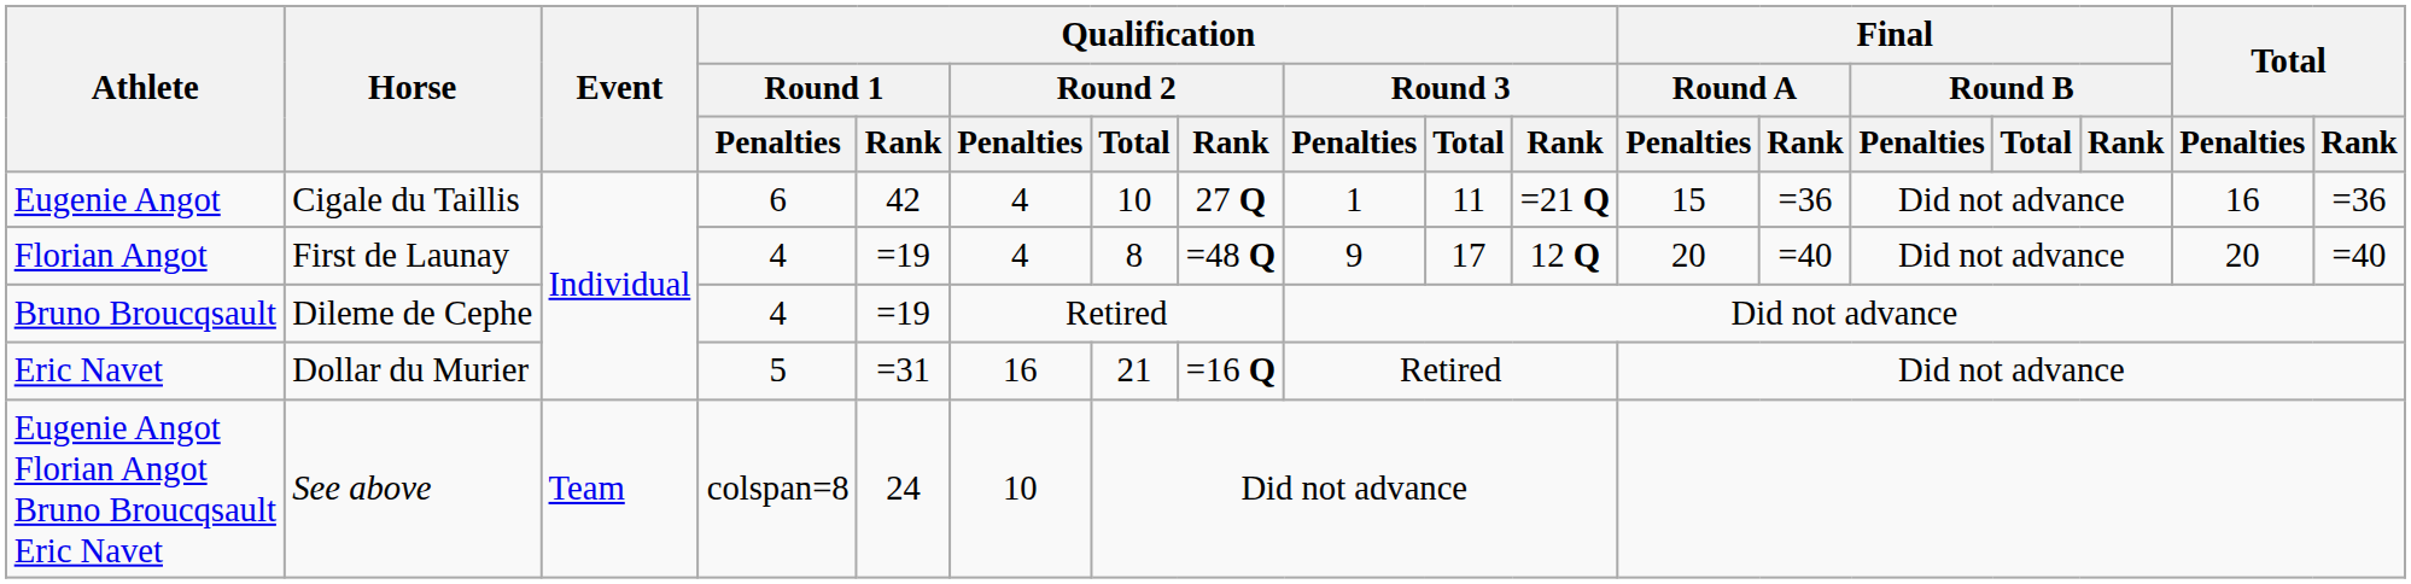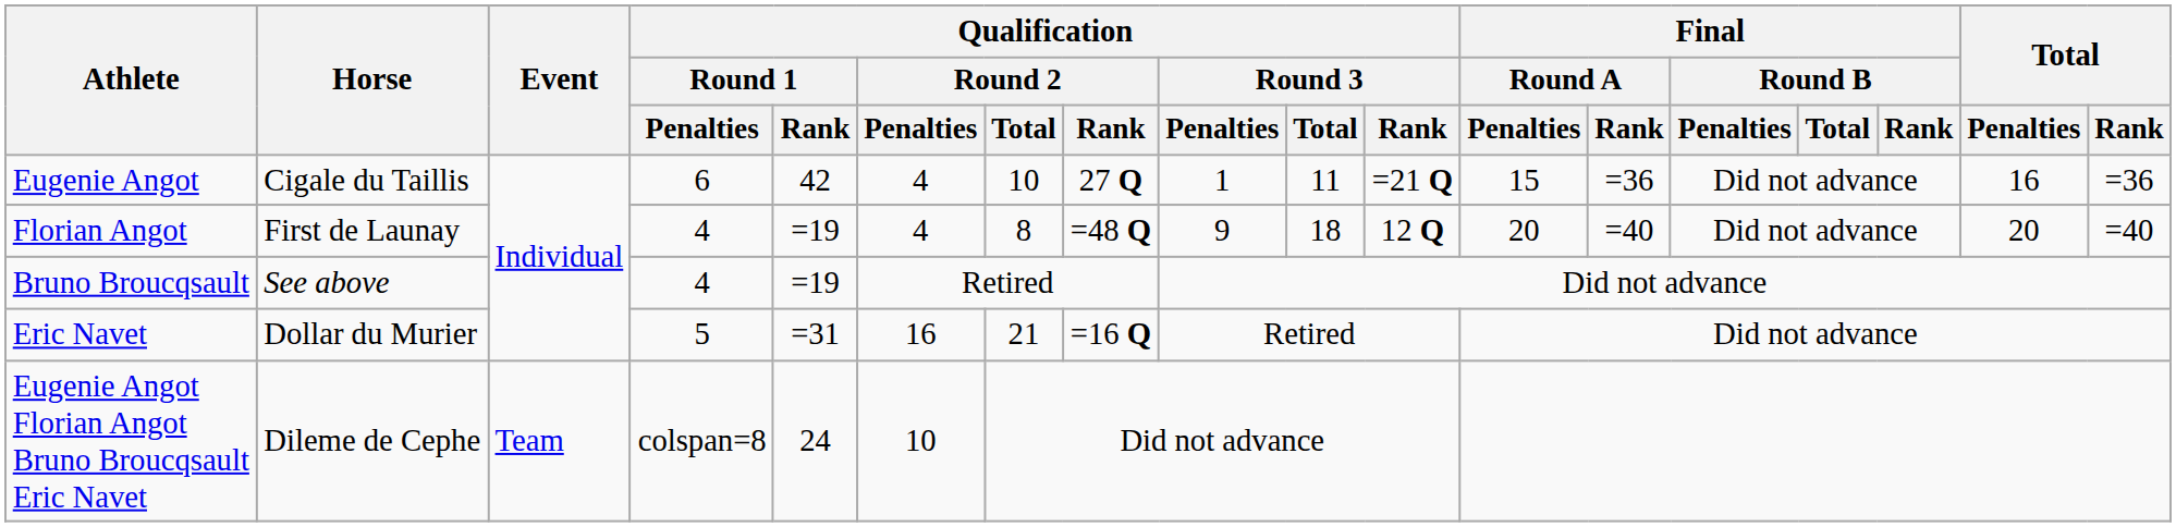 <table class="wikitable" style="font-size:90%">
 <tr>
 <th rowspan="3">Athlete</th>
 <th rowspan="3">Horse</th>
 <th rowspan="3">Event</th>
 <th colspan="8">Qualification</th>
 <th colspan="5">Final</th>
 <th rowspan=2 colspan="2">Total</th>
 </tr>
 <tr style="font-size:95%">
 <th colspan="2">Round 1</th>
 <th colspan="3">Round 2</th>
 <th colspan="3">Round 3</th>
 <th colspan="2">Round A</th>
 <th colspan="3">Round B</th>
 </tr>
 <tr style="font-size:95%">
 <th>Penalties</th>
 <th>Rank</th>
 <th>Penalties</th>
 <th>Total</th>
 <th>Rank</th>
 <th>Penalties</th>
 <th>Total</th>
 <th>Rank</th>
 <th>Penalties</th>
 <th>Rank</th>
 <th>Penalties</th>
 <th>Total</th>
 <th>Rank</th>
 <th>Penalties</th>
 <th>Rank</th>
 </tr>
 <tr align=center>
 <td align=left><a href='#'>Eugenie Angot</a></td>
 <td align=left>Cigale du Taillis</td>
 <td align=left rowspan=4><a href='#'>Individual</a></td>
 <td>6</td>
 <td>42</td>
 <td>4</td>
 <td>10</td>
 <td>27 <strong>Q</strong></td>
 <td>1</td>
 <td>11</td>
 <td>=21 <strong>Q</strong></td>
 <td>15</td>
 <td>=36</td>
 <td colspan=3>Did not advance</td>
 <td>16</td>
 <td>=36</td>
 </tr>
 <tr align=center>
 <td align=left><a href='#'>Florian Angot</a></td>
 <td align=left>First de Launay</td>
 <td>4</td>
 <td>=19</td>
 <td>4</td>
 <td>8</td>
 <td>=48 <strong>Q</strong></td>
 <td>9</td>
-<td>17</td>
+<td>18</td>
 <td>12 <strong>Q</strong></td>
 <td>20</td>
 <td>=40</td>
 <td colspan=3>Did not advance</td>
 <td>20</td>
 <td>=40</td>
 </tr>
 <tr align=center>
 <td align=left><a href='#'>Bruno Broucqsault</a></td>
-<td align=left>Dileme de Cephe</td>
+<td align=left><em>See above</em></td>
 <td>4</td>
 <td>=19</td>
 <td colspan=3>Retired</td>
 <td colspan=10>Did not advance</td>
 </tr>
 <tr align=center>
 <td align=left><a href='#'>Eric Navet</a></td>
 <td align=left>Dollar du Murier</td>
 <td>5</td>
 <td>=31</td>
 <td>16</td>
 <td>21</td>
 <td>=16 <strong>Q</strong></td>
 <td colspan=3>Retired</td>
 <td colspan=7>Did not advance</td>
 </tr>
 <tr align=center>
 <td align=left><a href='#'>Eugenie Angot</a><br><a href='#'>Florian Angot</a><br><a href='#'>Bruno Broucqsault</a><br><a href='#'>Eric Navet</a></td>
-<td align=left><em>See above</em></td>
+<td align=left>Dileme de Cephe</td>
 <td align=left><a href='#'>Team</a></td>
 <td>colspan=8 </td>
 <td>24</td>
 <td>10</td>
 <td colspan=5>Did not advance</td>
 </tr>
 </table>
